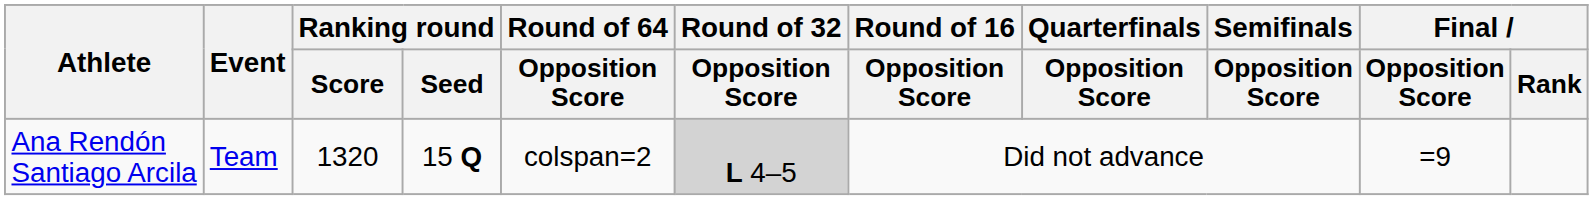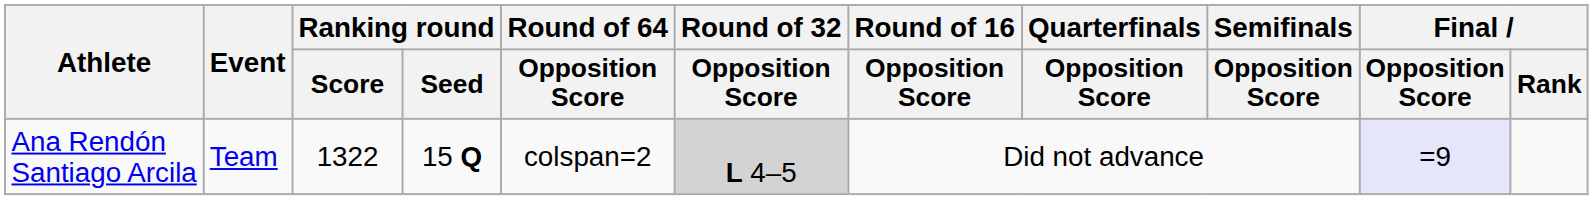 <table class="wikitable" style="font-size:90%; text-align:center">
 <tr>
 <th rowspan=2>Athlete</th>
 <th rowspan=2>Event</th>
 <th colspan="2">Ranking round</th>
 <th>Round of 64</th>
 <th>Round of 32</th>
 <th>Round of 16</th>
 <th>Quarterfinals</th>
 <th>Semifinals</th>
 <th colspan="2">Final / </th>
 </tr>
 <tr style="font-size:95%">
 <th>Score</th>
 <th>Seed</th>
 <th>Opposition<br>Score</th>
 <th>Opposition<br>Score</th>
 <th>Opposition<br>Score</th>
 <th>Opposition<br>Score</th>
 <th>Opposition<br>Score</th>
 <th>Opposition<br>Score</th>
 <th>Rank</th>
 </tr>
 <tr align=center>
 <td align=left><a href='#'>Ana Rendón</a><br><a href='#'>Santiago Arcila</a></td>
 <td align=left><a href='#'>Team</a></td>
-<td>1320</td>
+<td>1322</td>
 <td>15 <strong>Q</strong></td>
 <td>colspan=2 </td>
 <td style="background: lightgrey;"><br><strong>L</strong> 4–5</td>
 <td colspan=3>Did not advance</td>
-<td>=9</td>
+<td style="background: lavender;">=9</td>
 </tr>
 </table>
